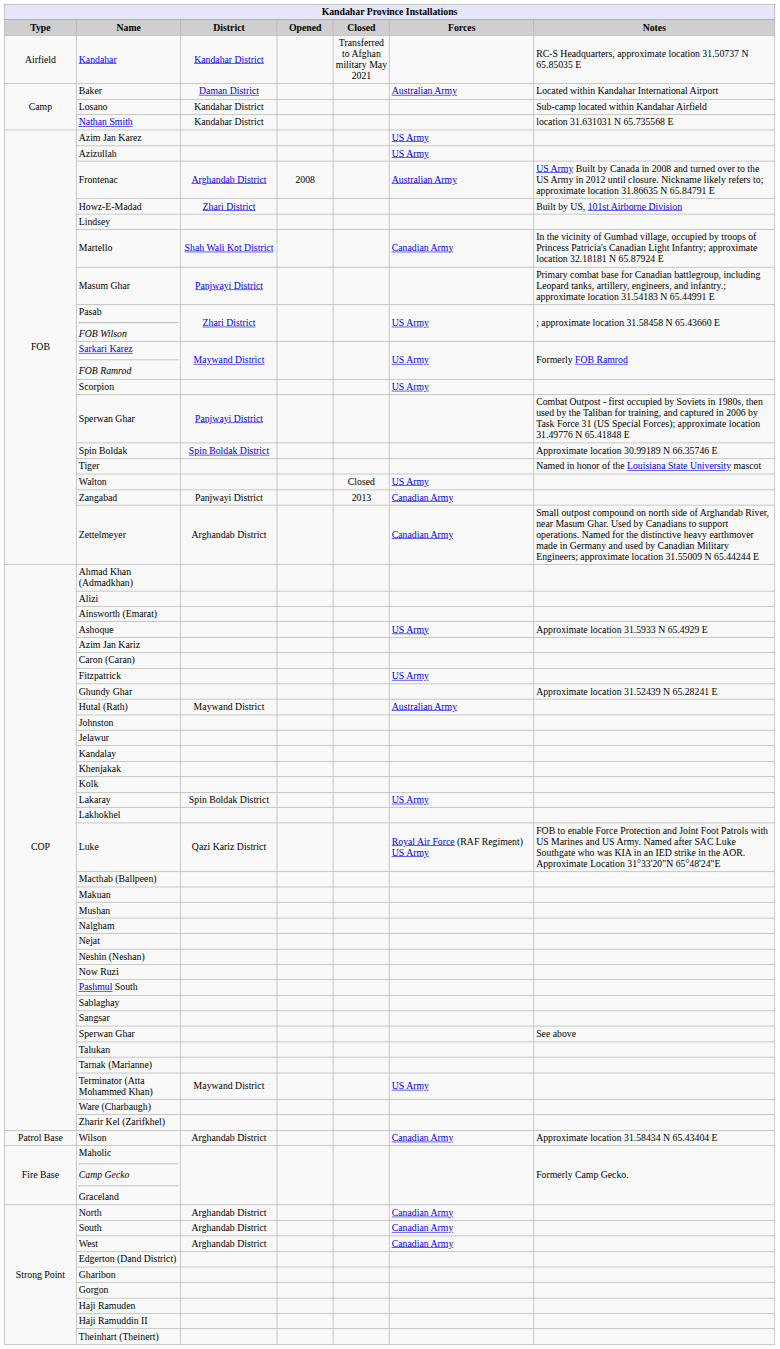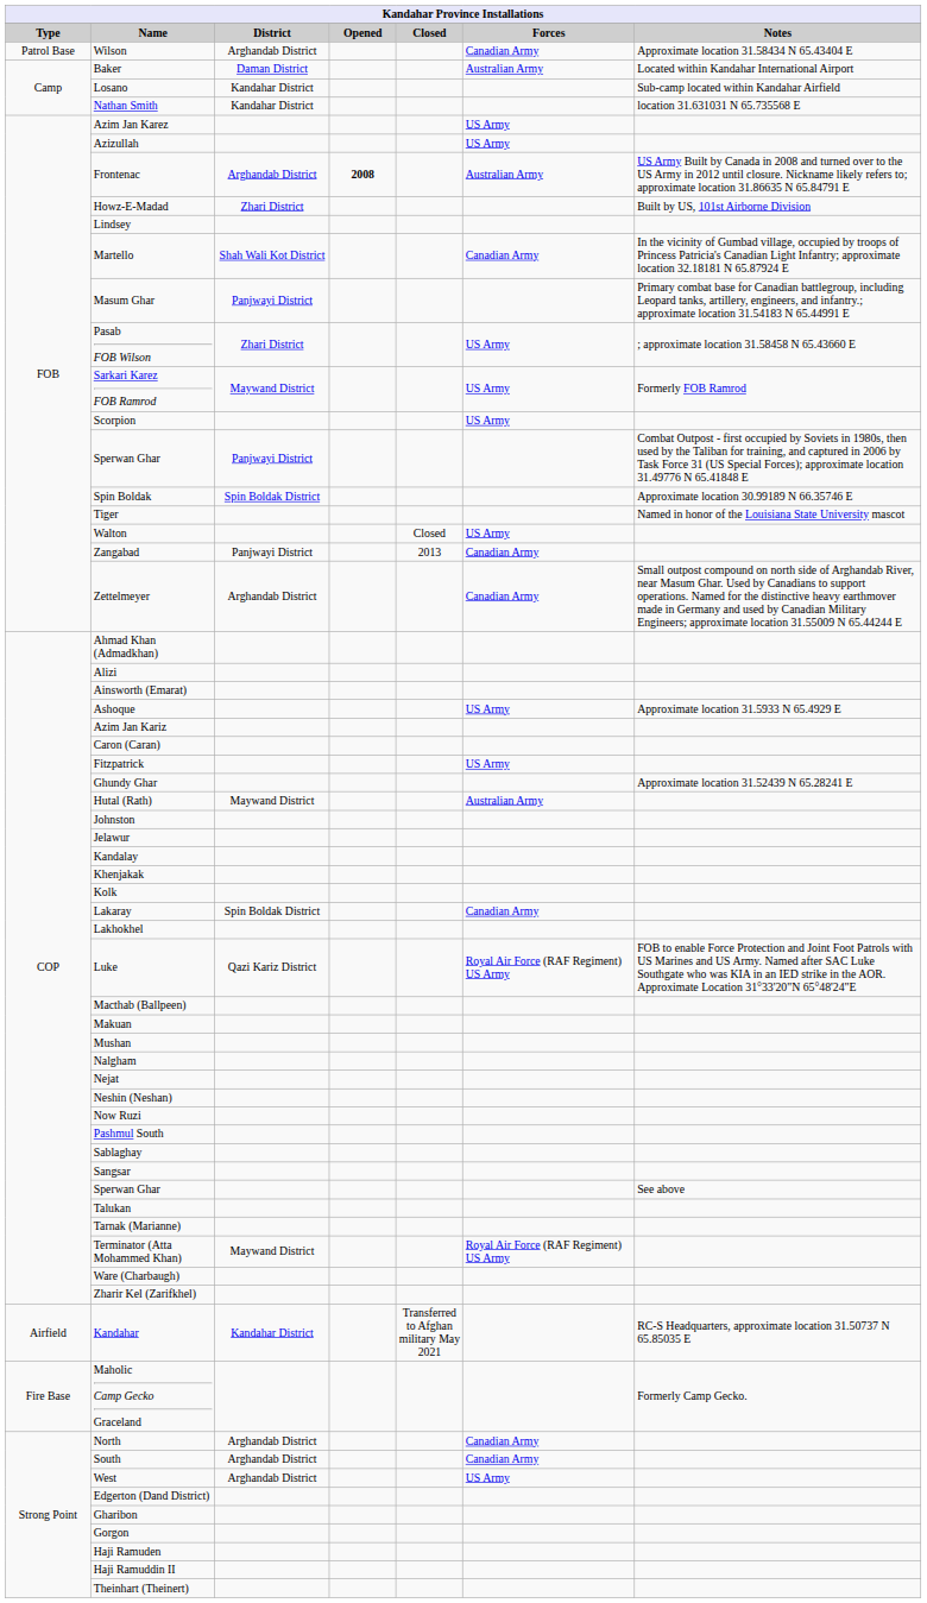 <table class="wikitable sortable" width="100%">
 <tr>
 <th style="align: center; background: lavender" colspan="7"><strong>Kandahar Province Installations</strong></th>
 </tr>
 <tr style="background:#efefef; color:black">
 </tr>
 <tr>
 <th style="background-color:#cfcfcf;" align="center" width="9%" align="center">Type</th>
 <th style="background-color:#cfcfcf;" align="center" width="13%">Name</th>
 <th style="background-color:#cfcfcf;" align="center" width="12%">District</th>
 <th style="background-color:#cfcfcf;" align="center" width="7%">Opened</th>
 <th style="background-color:#cfcfcf;" align="center" width="7%">Closed</th>
 <th style="background-color:#cfcfcf;" align="center" width="18%" class="unsortable">Forces</th>
 <th style="background-color:#cfcfcf;" align="center" width="30%" class="unsortable">Notes</th>
 </tr>
 <tr>
-<td align="center">Airfield</td>
-<td><a href='#'>Kandahar</a></td>
-<td align="center"><a href='#'>Kandahar District</a></td>
+<td align="center">Patrol Base</td>
+<td>Wilson</td>
+<td align="center">Arghandab District</td>
 <td align="center"></td>
-<td align="center">Transferred to Afghan military May 2021</td>
-<td></td>
-<td>RC-S Headquarters, approximate location 31.50737 N 65.85035 E</td>
+<td align="center"></td>
+<td> <a href='#'>Canadian Army</a></td>
+<td>Approximate location 31.58434 N 65.43404 E</td>
 </tr>
 <tr>
 <td rowspan="3" align="center">Camp</td>
 <td>Baker</td>
 <td align="center"><a href='#'>Daman District</a></td>
 <td align="center"></td>
 <td align="center"></td>
 <td> <a href='#'>Australian Army</a></td>
 <td>Located within Kandahar International Airport</td>
 </tr>
 <tr>
 <td>Losano</td>
 <td align="center">Kandahar District</td>
 <td align="center"></td>
 <td align="center"></td>
 <td></td>
 <td>Sub-camp located within Kandahar Airfield</td>
 </tr>
 <tr>
 <td><a href='#'>Nathan Smith</a></td>
 <td align="center">Kandahar District</td>
 <td align="center"></td>
 <td align="center"></td>
 <td></td>
 <td>location 31.631031 N 65.735568 E</td>
 </tr>
 <tr>
 <td rowspan="16" align="center">FOB</td>
 <td>Azim Jan Karez</td>
 <td align="center"></td>
 <td align="center"></td>
 <td align="center"></td>
 <td> <a href='#'>US Army</a></td>
 <td></td>
 </tr>
 <tr>
 <td>Azizullah</td>
 <td align="center"></td>
 <td align="center"></td>
 <td align="center"></td>
 <td> <a href='#'>US Army</a></td>
 <td></td>
 </tr>
 <tr>
 <td>Frontenac</td>
 <td align="center"><a href='#'>Arghandab District</a></td>
-<td align="center">2008</td>
+<td align="center"><strong>2008</strong></td>
 <td align="center"></td>
 <td> <a href='#'>Australian Army</a></td>
 <td> <a href='#'>US Army</a> Built by Canada in 2008  and turned over to the US Army in 2012 until closure.  Nickname likely refers to; approximate location 31.86635 N 65.84791 E</td>
 </tr>
 <tr>
 <td>Howz-E-Madad</td>
 <td align="center"><a href='#'>Zhari District</a></td>
 <td align="center"></td>
 <td align="center"></td>
 <td></td>
 <td>Built by US, <a href='#'>101st Airborne Division</a></td>
 </tr>
 <tr>
 <td>Lindsey</td>
 <td align="center"></td>
 <td align="center"></td>
 <td align="center"></td>
 <td></td>
 <td></td>
 </tr>
 <tr>
 <td>Martello</td>
 <td align="center"><a href='#'>Shah Wali Kot District</a></td>
 <td align="center"></td>
 <td align="center"></td>
 <td> <a href='#'>Canadian Army</a></td>
 <td>In the vicinity of Gumbad village, occupied by troops of Princess Patricia's Canadian Light Infantry; approximate location 32.18181 N 65.87924 E</td>
 </tr>
 <tr>
 <td>Masum Ghar</td>
 <td align="center"><a href='#'>Panjwayi District</a></td>
 <td align="center"></td>
 <td align="center"></td>
 <td></td>
 <td>Primary combat base for Canadian battlegroup, including Leopard tanks, artillery, engineers, and infantry.; approximate location 31.54183 N 65.44991 E</td>
 </tr>
 <tr>
 <td>Pasab<hr><em>FOB Wilson</em></td>
 <td align="center"><a href='#'>Zhari District</a></td>
 <td align="center"></td>
 <td align="center"></td>
 <td> <a href='#'>US Army</a></td>
 <td>; approximate location 31.58458 N 65.43660 E</td>
 </tr>
 <tr>
 <td><a href='#'>Sarkari Karez</a><hr><em>FOB Ramrod</em></td>
 <td align="center"><a href='#'>Maywand District</a></td>
 <td align="center"></td>
 <td align="center"></td>
 <td> <a href='#'>US Army</a></td>
 <td>Formerly <a href='#'>FOB Ramrod</a></td>
 </tr>
 <tr>
 <td>Scorpion</td>
 <td align="center"></td>
 <td align="center"></td>
 <td align="center"></td>
 <td> <a href='#'>US Army</a></td>
 <td></td>
 </tr>
 <tr>
 <td>Sperwan Ghar</td>
 <td align="center"><a href='#'>Panjwayi District</a></td>
 <td align="center"></td>
 <td align="center"></td>
 <td></td>
 <td>Combat Outpost - first occupied by Soviets in 1980s, then used by the Taliban for training, and captured in 2006 by Task Force 31 (US Special Forces); approximate location 31.49776 N 65.41848 E</td>
 </tr>
 <tr>
 <td>Spin Boldak</td>
 <td align="center"><a href='#'>Spin Boldak District</a></td>
 <td align="center"></td>
 <td align="center"></td>
 <td></td>
 <td>Approximate location 30.99189 N 66.35746 E</td>
 </tr>
 <tr>
 <td>Tiger</td>
 <td align="center"></td>
 <td align="center"></td>
 <td align="center"></td>
 <td></td>
 <td>Named in honor of the <a href='#'>Louisiana State University</a> mascot</td>
 </tr>
 <tr>
 <td>Walton</td>
 <td align="center"></td>
 <td align="center"></td>
 <td align="center">Closed</td>
 <td> <a href='#'>US Army</a></td>
 <td></td>
 </tr>
 <tr>
 <td>Zangabad</td>
 <td align="center">Panjwayi District</td>
 <td align="center"></td>
 <td align="center">2013</td>
 <td> <a href='#'>Canadian Army</a></td>
 <td></td>
 </tr>
 <tr>
 <td>Zettelmeyer</td>
 <td align="center">Arghandab District</td>
 <td align="center"></td>
 <td align="center"></td>
 <td> <a href='#'>Canadian Army</a></td>
 <td>Small outpost compound on north side of Arghandab River, near Masum Ghar.  Used by Canadians to support operations.  Named for the distinctive heavy earthmover made in Germany and used by Canadian Military Engineers; approximate location 31.55009 N 65.44244 E</td>
 </tr>
 <tr>
 <td rowspan="33" align="center">COP</td>
 <td>Ahmad Khan (Admadkhan)</td>
 <td align="center"></td>
 <td align="center"></td>
 <td align="center"></td>
 <td></td>
 <td></td>
 </tr>
 <tr>
 <td>Alizi</td>
 <td align="center"></td>
 <td align="center"></td>
 <td align="center"></td>
 <td></td>
 <td></td>
 </tr>
 <tr>
 <td>Ainsworth (Emarat)</td>
 <td align="center"></td>
 <td align="center"></td>
 <td align="center"></td>
 <td></td>
 <td></td>
 </tr>
 <tr>
 <td>Ashoque</td>
 <td align="center"></td>
 <td align="center"></td>
 <td align="center"></td>
 <td> <a href='#'>US Army</a></td>
 <td>Approximate location  31.5933 N 65.4929 E</td>
 </tr>
 <tr>
 <td>Azim Jan Kariz</td>
 <td align="center"></td>
 <td align="center"></td>
 <td align="center"></td>
 <td></td>
 <td></td>
 </tr>
 <tr>
 <td>Caron (Caran)</td>
 <td align="center"></td>
 <td align="center"></td>
 <td align="center"></td>
 <td></td>
 <td></td>
 </tr>
 <tr>
 <td>Fitzpatrick</td>
 <td align="center"></td>
 <td align="center"></td>
 <td align="center"></td>
 <td> <a href='#'>US Army</a></td>
 <td></td>
 </tr>
 <tr>
 <td>Ghundy Ghar</td>
 <td align="center"></td>
 <td align="center"></td>
 <td align="center"></td>
 <td></td>
 <td>Approximate location 31.52439 N 65.28241 E</td>
 </tr>
 <tr>
 <td>Hutal (Rath)</td>
 <td align="center">Maywand District</td>
 <td align="center"></td>
 <td align="center"></td>
 <td> <a href='#'>Australian Army</a></td>
 <td></td>
 </tr>
 <tr>
 <td>Johnston</td>
 <td align="center"></td>
 <td align="center"></td>
 <td align="center"></td>
 <td></td>
 <td></td>
 </tr>
 <tr>
 <td>Jelawur</td>
 <td align="center"></td>
 <td align="center"></td>
 <td align="center"></td>
 <td></td>
 <td></td>
 </tr>
 <tr>
 <td>Kandalay</td>
 <td align="center"></td>
 <td align="center"></td>
 <td align="center"></td>
 <td></td>
 <td></td>
 </tr>
 <tr>
 <td>Khenjakak</td>
 <td align="center"></td>
 <td align="center"></td>
 <td align="center"></td>
 <td></td>
 <td></td>
 </tr>
 <tr>
 <td>Kolk</td>
 <td align="center"></td>
 <td align="center"></td>
 <td align="center"></td>
 <td></td>
 <td></td>
 </tr>
 <tr>
 <td>Lakaray</td>
 <td align="center">Spin Boldak District</td>
 <td align="center"></td>
 <td align="center"></td>
-<td> <a href='#'>US Army</a></td>
+<td> <a href='#'>Canadian Army</a></td>
 <td></td>
 </tr>
 <tr>
 <td>Lakhokhel</td>
 <td align="center"></td>
 <td align="center"></td>
 <td align="center"></td>
 <td></td>
 <td></td>
 </tr>
 <tr>
 <td>Luke</td>
 <td align="center">Qazi Kariz District</td>
 <td align="center"></td>
 <td align="center"></td>
 <td> <a href='#'>Royal Air Force</a> (RAF Regiment)  <a href='#'>US Army</a></td>
 <td>FOB to enable Force Protection and Joint Foot Patrols with US Marines and US Army. Named after SAC Luke Southgate who was KIA in an IED strike in the AOR. Approximate Location 31°33'20"N 65°48'24"E</td>
 </tr>
 <tr>
 <td>Macthab (Ballpeen)</td>
 <td align="center"></td>
 <td align="center"></td>
 <td align="center"></td>
 <td></td>
 <td></td>
 </tr>
 <tr>
 <td>Makuan</td>
 <td align="center"></td>
 <td align="center"></td>
 <td align="center"></td>
 <td></td>
 <td></td>
 </tr>
 <tr>
 <td>Mushan</td>
 <td align="center"></td>
 <td align="center"></td>
 <td align="center"></td>
 <td></td>
 <td></td>
 </tr>
 <tr>
 <td>Nalgham</td>
 <td align="center"></td>
 <td align="center"></td>
 <td align="center"></td>
 <td></td>
 <td></td>
 </tr>
 <tr>
 <td>Nejat</td>
 <td align="center"></td>
 <td align="center"></td>
 <td align="center"></td>
 <td></td>
 <td></td>
 </tr>
 <tr>
 <td>Neshin (Neshan)</td>
 <td align="center"></td>
 <td align="center"></td>
 <td align="center"></td>
 <td></td>
 <td></td>
 </tr>
 <tr>
 <td>Now Ruzi</td>
 <td align="center"></td>
 <td align="center"></td>
 <td align="center"></td>
 <td></td>
 <td></td>
 </tr>
 <tr>
 <td><a href='#'>Pashmul</a> South</td>
 <td align="center"></td>
 <td align="center"></td>
 <td align="center"></td>
 <td></td>
 <td></td>
 </tr>
 <tr>
 <td>Sablaghay</td>
 <td align="center"></td>
 <td align="center"></td>
 <td align="center"></td>
 <td></td>
 <td></td>
 </tr>
 <tr>
 <td>Sangsar</td>
 <td align="center"></td>
 <td align="center"></td>
 <td align="center"></td>
 <td></td>
 <td></td>
 </tr>
 <tr>
 <td>Sperwan Ghar</td>
 <td align="center"></td>
 <td align="center"></td>
 <td align="center"></td>
 <td></td>
 <td>See above</td>
 </tr>
 <tr>
 <td>Talukan</td>
 <td align="center"></td>
 <td align="center"></td>
 <td align="center"></td>
 <td></td>
 <td></td>
 </tr>
 <tr>
 <td>Tarnak (Marianne)</td>
 <td align="center"></td>
 <td align="center"></td>
 <td align="center"></td>
 <td></td>
 <td></td>
 </tr>
 <tr>
 <td>Terminator (Atta Mohammed Khan)</td>
 <td align="center">Maywand District</td>
 <td align="center"></td>
 <td align="center"></td>
-<td> <a href='#'>US Army</a></td>
+<td> <a href='#'>Royal Air Force</a> (RAF Regiment)  <a href='#'>US Army</a></td>
 <td></td>
 </tr>
 <tr>
 <td>Ware (Charbaugh)</td>
 <td align="center"></td>
 <td align="center"></td>
 <td align="center"></td>
 <td></td>
 <td></td>
 </tr>
 <tr>
 <td>Zharir Kel (Zarifkhel)</td>
 <td align="center"></td>
 <td align="center"></td>
 <td align="center"></td>
 <td></td>
 <td></td>
 </tr>
 <tr>
-<td align="center">Patrol Base</td>
-<td>Wilson</td>
-<td align="center">Arghandab District</td>
+<td align="center">Airfield</td>
+<td><a href='#'>Kandahar</a></td>
+<td align="center"><a href='#'>Kandahar District</a></td>
 <td align="center"></td>
-<td align="center"></td>
-<td> <a href='#'>Canadian Army</a></td>
-<td>Approximate location 31.58434 N 65.43404 E</td>
+<td align="center">Transferred to Afghan military May 2021</td>
+<td></td>
+<td>RC-S Headquarters, approximate location 31.50737 N 65.85035 E</td>
 </tr>
 <tr>
 <td align="center">Fire Base</td>
 <td>Maholic<hr><em>Camp Gecko</em><hr>Graceland</td>
 <td align="center"></td>
 <td align="center"></td>
 <td align="center"></td>
 <td></td>
 <td>Formerly Camp Gecko.</td>
 </tr>
 <tr>
 <td rowspan="9" align="center">Strong Point</td>
 <td>North</td>
 <td align="center">Arghandab District</td>
 <td align="center"></td>
 <td align="center"></td>
 <td> <a href='#'>Canadian Army</a></td>
 <td></td>
 </tr>
 <tr>
 <td>South</td>
 <td align="center">Arghandab District</td>
 <td align="center"></td>
 <td align="center"></td>
 <td> <a href='#'>Canadian Army</a></td>
 <td></td>
 </tr>
 <tr>
 <td>West</td>
 <td align="center">Arghandab District</td>
 <td align="center"></td>
 <td align="center"></td>
-<td> <a href='#'>Canadian Army</a></td>
+<td> <a href='#'>US Army</a></td>
 <td></td>
 </tr>
 <tr>
 <td>Edgerton (Dand District)</td>
 <td align="center"></td>
 <td align="center"></td>
 <td align="center"></td>
 <td></td>
 <td></td>
 </tr>
 <tr>
 <td>Gharibon</td>
 <td align="center"></td>
 <td align="center"></td>
 <td align="center"></td>
 <td></td>
 <td></td>
 </tr>
 <tr>
 <td>Gorgon</td>
 <td align="center"></td>
 <td align="center"></td>
 <td align="center"></td>
 <td></td>
 <td></td>
 </tr>
 <tr>
 <td>Haji Ramuden</td>
 <td align="center"></td>
 <td align="center"></td>
 <td align="center"></td>
 <td></td>
 <td></td>
 </tr>
 <tr>
 <td>Haji Ramuddin II</td>
 <td align="center"></td>
 <td align="center"></td>
 <td align="center"></td>
 <td></td>
 <td></td>
 </tr>
 <tr>
 <td>Theinhart (Theinert)</td>
 <td align="center"></td>
 <td align="center"></td>
 <td align="center"></td>
 <td></td>
 <td></td>
 </tr>
 </table>
